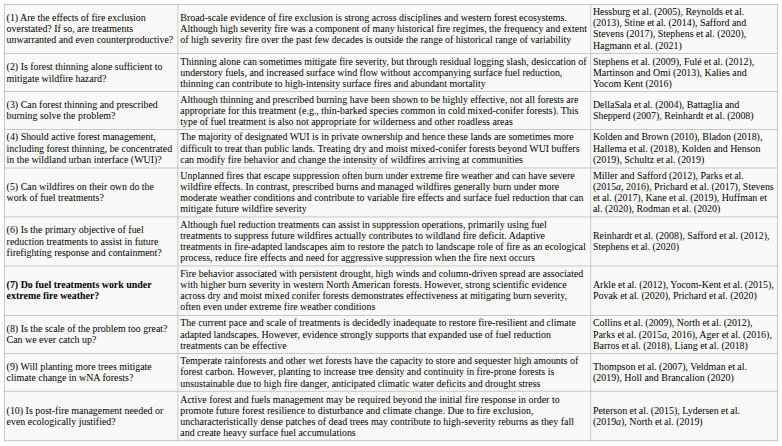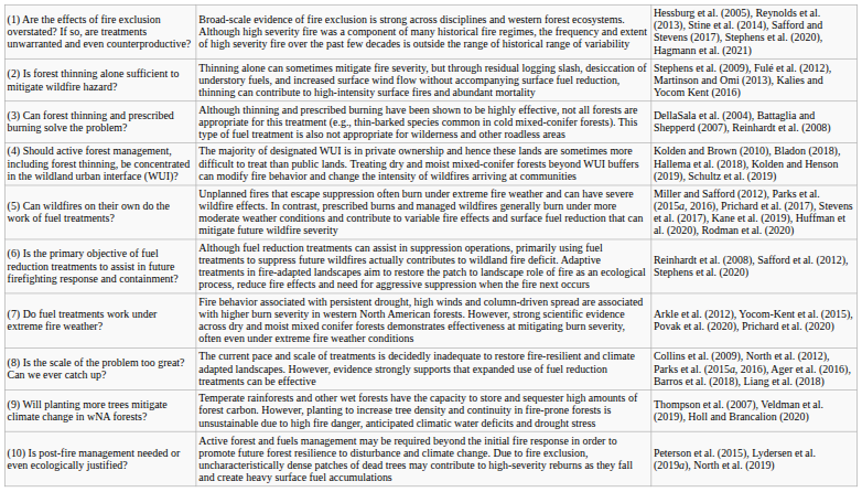 <table class="wikitable">
 <tr>
 <td>(1) Are the effects of fire exclusion overstated? If so, are treatments unwarranted and even counterproductive?</td>
 <td>Broad-scale evidence of fire exclusion is strong across disciplines and western forest ecosystems. Although high severity fire was a component of many historical fire regimes, the frequency and extent of high severity fire over the past few decades is outside the range of historical range of variability</td>
 <td>Hessburg et al. (2005), Reynolds et al. (2013), Stine et al. (2014), Safford and Stevens (2017), Stephens et al. (2020), Hagmann et al. (2021)</td>
 </tr>
 <tr>
 <td>(2) Is forest thinning alone sufficient to mitigate wildfire hazard?</td>
 <td>Thinning alone can sometimes mitigate fire severity, but through residual logging slash, desiccation of understory fuels, and increased surface wind flow without accompanying surface fuel reduction, thinning can contribute to high-intensity surface fires and abundant mortality</td>
 <td>Stephens et al. (2009), Fulé et al. (2012), Martinson and Omi (2013), Kalies and Yocom Kent (2016)</td>
 </tr>
 <tr>
 <td>(3) Can forest thinning and prescribed burning solve the problem?</td>
 <td>Although thinning and prescribed burning have been shown to be highly effective, not all forests are appropriate for this treatment (e.g., thin-barked species common in cold mixed-conifer forests). This type of fuel treatment is also not appropriate for wilderness and other roadless areas</td>
 <td>DellaSala et al. (2004), Battaglia and Shepperd (2007), Reinhardt et al. (2008)</td>
 </tr>
 <tr>
 <td>(4) Should active forest management, including forest thinning, be concentrated in the wildland urban interface (WUI)?</td>
 <td>The majority of designated WUI is in private ownership and hence these lands are sometimes more difficult to treat than public lands. Treating dry and moist mixed-conifer forests beyond WUI buffers can modify fire behavior and change the intensity of wildfires arriving at communities</td>
 <td>Kolden and Brown (2010), Bladon (2018), Hallema et al. (2018), Kolden and Henson (2019), Schultz et al. (2019)</td>
 </tr>
 <tr>
 <td>(5) Can wildfires on their own do the work of fuel treatments?</td>
 <td>Unplanned fires that escape suppression often burn under extreme fire weather and can have severe wildfire effects. In contrast, prescribed burns and managed wildfires generally burn under more moderate weather conditions and contribute to variable fire effects and surface fuel reduction that can mitigate future wildfire severity</td>
 <td>Miller and Safford (2012), Parks et al. (2015<em>a</em>, 2016), Prichard et al. (2017), Stevens et al. (2017), Kane et al. (2019), Huffman et al. (2020), Rodman et al. (2020)</td>
 </tr>
 <tr>
 <td>(6) Is the primary objective of fuel reduction treatments to assist in future firefighting response and containment?</td>
 <td>Although fuel reduction treatments can assist in suppression operations, primarily using fuel treatments to suppress future wildfires actually contributes to wildland fire deficit. Adaptive treatments in fire-adapted landscapes aim to restore the patch to landscape role of fire as an ecological process, reduce fire effects and need for aggressive suppression when the fire next occurs</td>
 <td>Reinhardt et al. (2008), Safford et al. (2012), Stephens et al. (2020)</td>
 </tr>
 <tr>
-<td><strong>(7) Do fuel treatments work under extreme fire weather?</strong></td>
+<td>(7) Do fuel treatments work under extreme fire weather?</td>
 <td>Fire behavior associated with persistent drought, high winds and column-driven spread are associated with higher burn severity in western North American forests. However, strong scientific evidence across dry and moist mixed conifer forests demonstrates effectiveness at mitigating burn severity, often even under extreme fire weather conditions</td>
 <td>Arkle et al. (2012), Yocom-Kent et al. (2015), Povak et al. (2020), Prichard et al. (2020)</td>
 </tr>
 <tr>
 <td>(8) Is the scale of the problem too great? Can we ever catch up?</td>
 <td>The current pace and scale of treatments is decidedly inadequate to restore fire-resilient and climate adapted landscapes. However, evidence strongly supports that expanded use of fuel reduction treatments can be effective</td>
 <td>Collins et al. (2009), North et al. (2012), Parks et al. (2015<em>a</em>, 2016), Ager et al. (2016), Barros et al. (2018), Liang et al. (2018)</td>
 </tr>
 <tr>
 <td>(9) Will planting more trees mitigate climate change in wNA forests?</td>
 <td>Temperate rainforests and other wet forests have the capacity to store and sequester high amounts of forest carbon. However, planting to increase tree density and continuity in fire-prone forests is unsustainable due to high fire danger, anticipated climatic water deficits and drought stress</td>
 <td>Thompson et al. (2007), Veldman et al. (2019), Holl and Brancalion (2020)</td>
 </tr>
 <tr>
 <td>(10) Is post-fire management needed or even ecologically justified?</td>
 <td>Active forest and fuels management may be required beyond the initial fire response in order to promote future forest resilience to disturbance and climate change. Due to fire exclusion, uncharacteristically dense patches of dead trees may contribute to high-severity reburns as they fall and create heavy surface fuel accumulations</td>
 <td>Peterson et al. (2015), Lydersen et al. (2019<em>a</em>), North et al. (2019)</td>
 </tr>
 </table>
